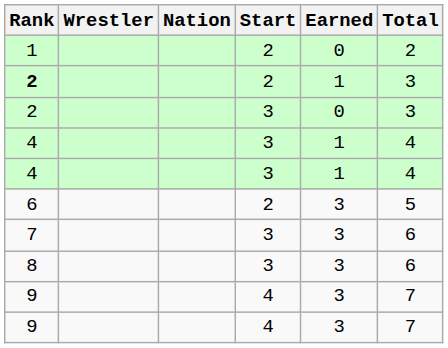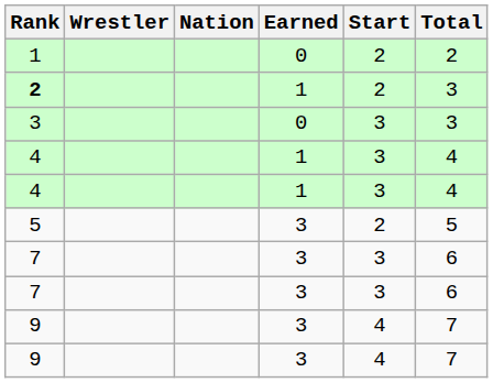 <table class="wikitable sortable" style="text-align:center;">
 <tr>
 <th>Rank</th>
 <th>Wrestler</th>
 <th>Nation</th>
+<th>Earned</th>
 <th>Start</th>
-<th>Earned</th>
 <th>Total</th>
 </tr>
 <tr style="background:#cfc;">
 <td>1</td>
 <td align=left></td>
 <td align=left></td>
+<td>0</td>
 <td>2</td>
-<td>0</td>
 <td>2</td>
 </tr>
 <tr style="background:#cfc;">
 <td><strong>2</strong></td>
 <td align=left></td>
 <td align=left></td>
+<td>1</td>
 <td>2</td>
-<td>1</td>
 <td>3</td>
 </tr>
 <tr style="background:#cfc;">
-<td>2</td>
+<td>3</td>
 <td align=left></td>
 <td align=left></td>
+<td>0</td>
 <td>3</td>
-<td>0</td>
 <td>3</td>
 </tr>
 <tr style="background:#cfc;">
 <td>4</td>
 <td align=left></td>
 <td align=left></td>
+<td>1</td>
 <td>3</td>
-<td>1</td>
 <td>4</td>
 </tr>
 <tr style="background:#cfc;">
 <td>4</td>
 <td align=left></td>
 <td align=left></td>
+<td>1</td>
 <td>3</td>
-<td>1</td>
 <td>4</td>
 </tr>
 <tr>
-<td>6</td>
+<td>5</td>
 <td align=left></td>
 <td align=left></td>
+<td>3</td>
 <td>2</td>
-<td>3</td>
 <td>5</td>
 </tr>
 <tr>
 <td>7</td>
 <td align=left></td>
 <td align=left></td>
 <td>3</td>
 <td>3</td>
 <td>6</td>
 </tr>
 <tr>
-<td>8</td>
+<td>7</td>
 <td align=left></td>
 <td align=left></td>
 <td>3</td>
 <td>3</td>
 <td>6</td>
 </tr>
 <tr>
 <td>9</td>
 <td align=left></td>
 <td align=left></td>
+<td>3</td>
 <td>4</td>
-<td>3</td>
 <td>7</td>
 </tr>
 <tr>
 <td>9</td>
 <td align=left></td>
 <td align=left></td>
+<td>3</td>
 <td>4</td>
-<td>3</td>
 <td>7</td>
 </tr>
 </table>
